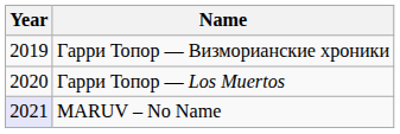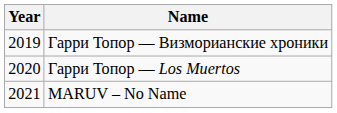 <table class="wikitable">
 <tr>
 <th>Year</th>
 <th>Name</th>
 </tr>
 <tr>
 <td>2019</td>
 <td>Гарри Топор — Визморианские хроники<br></td>
 </tr>
 <tr>
 <td>2020</td>
 <td>Гарри Топор — <em>Los Muertos</em><br></td>
 </tr>
 <tr>
-<td style="background: lavender;">2021</td>
+<td>2021</td>
 <td>MARUV – No Name<br></td>
 </tr>
 </table>
